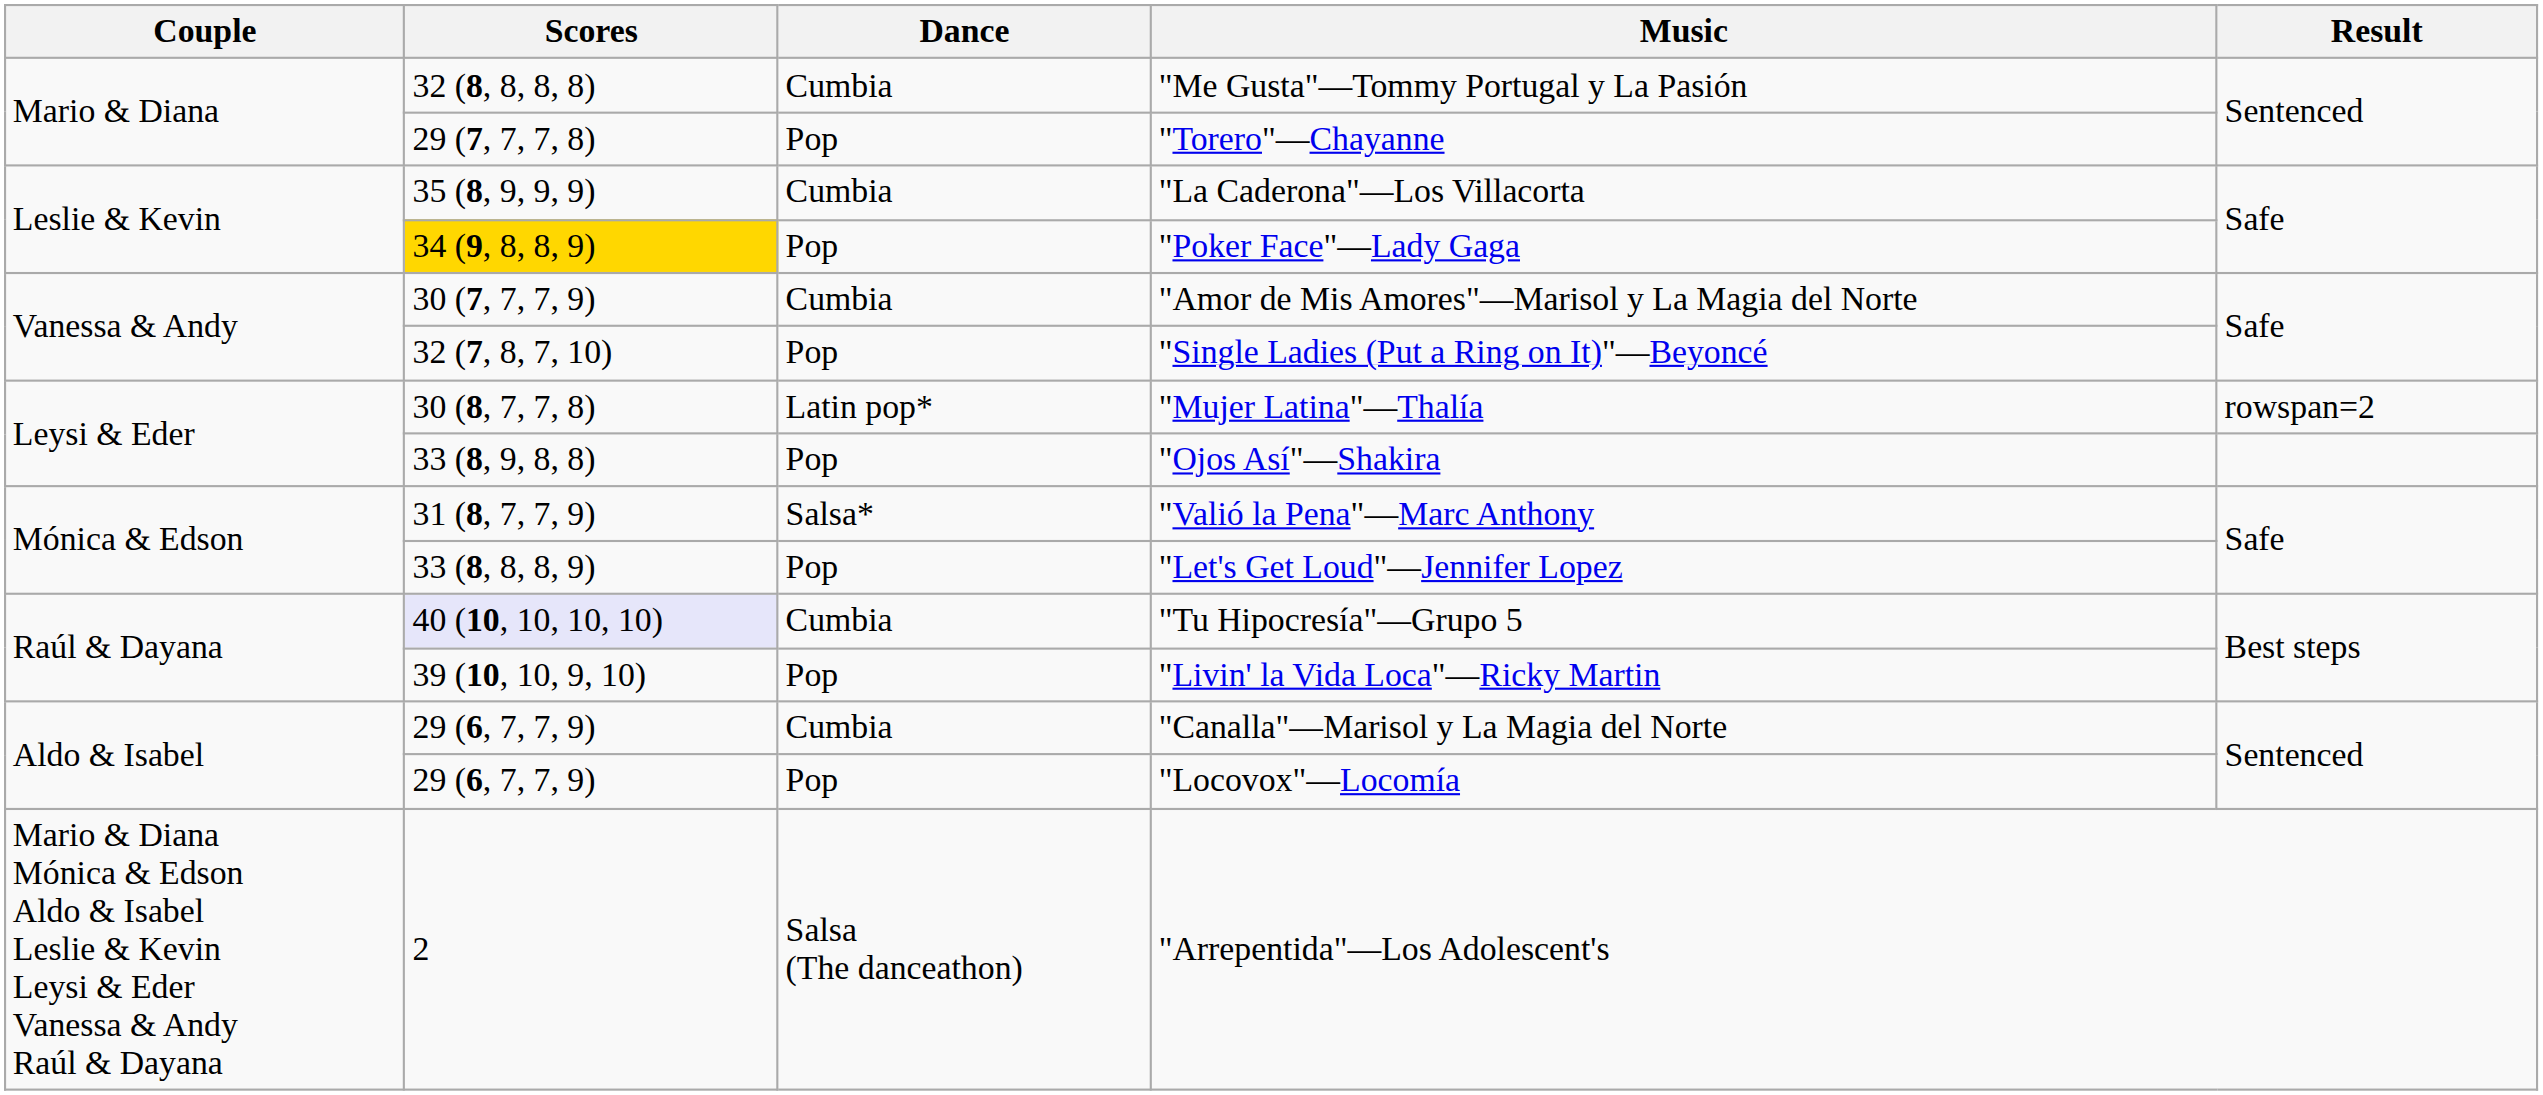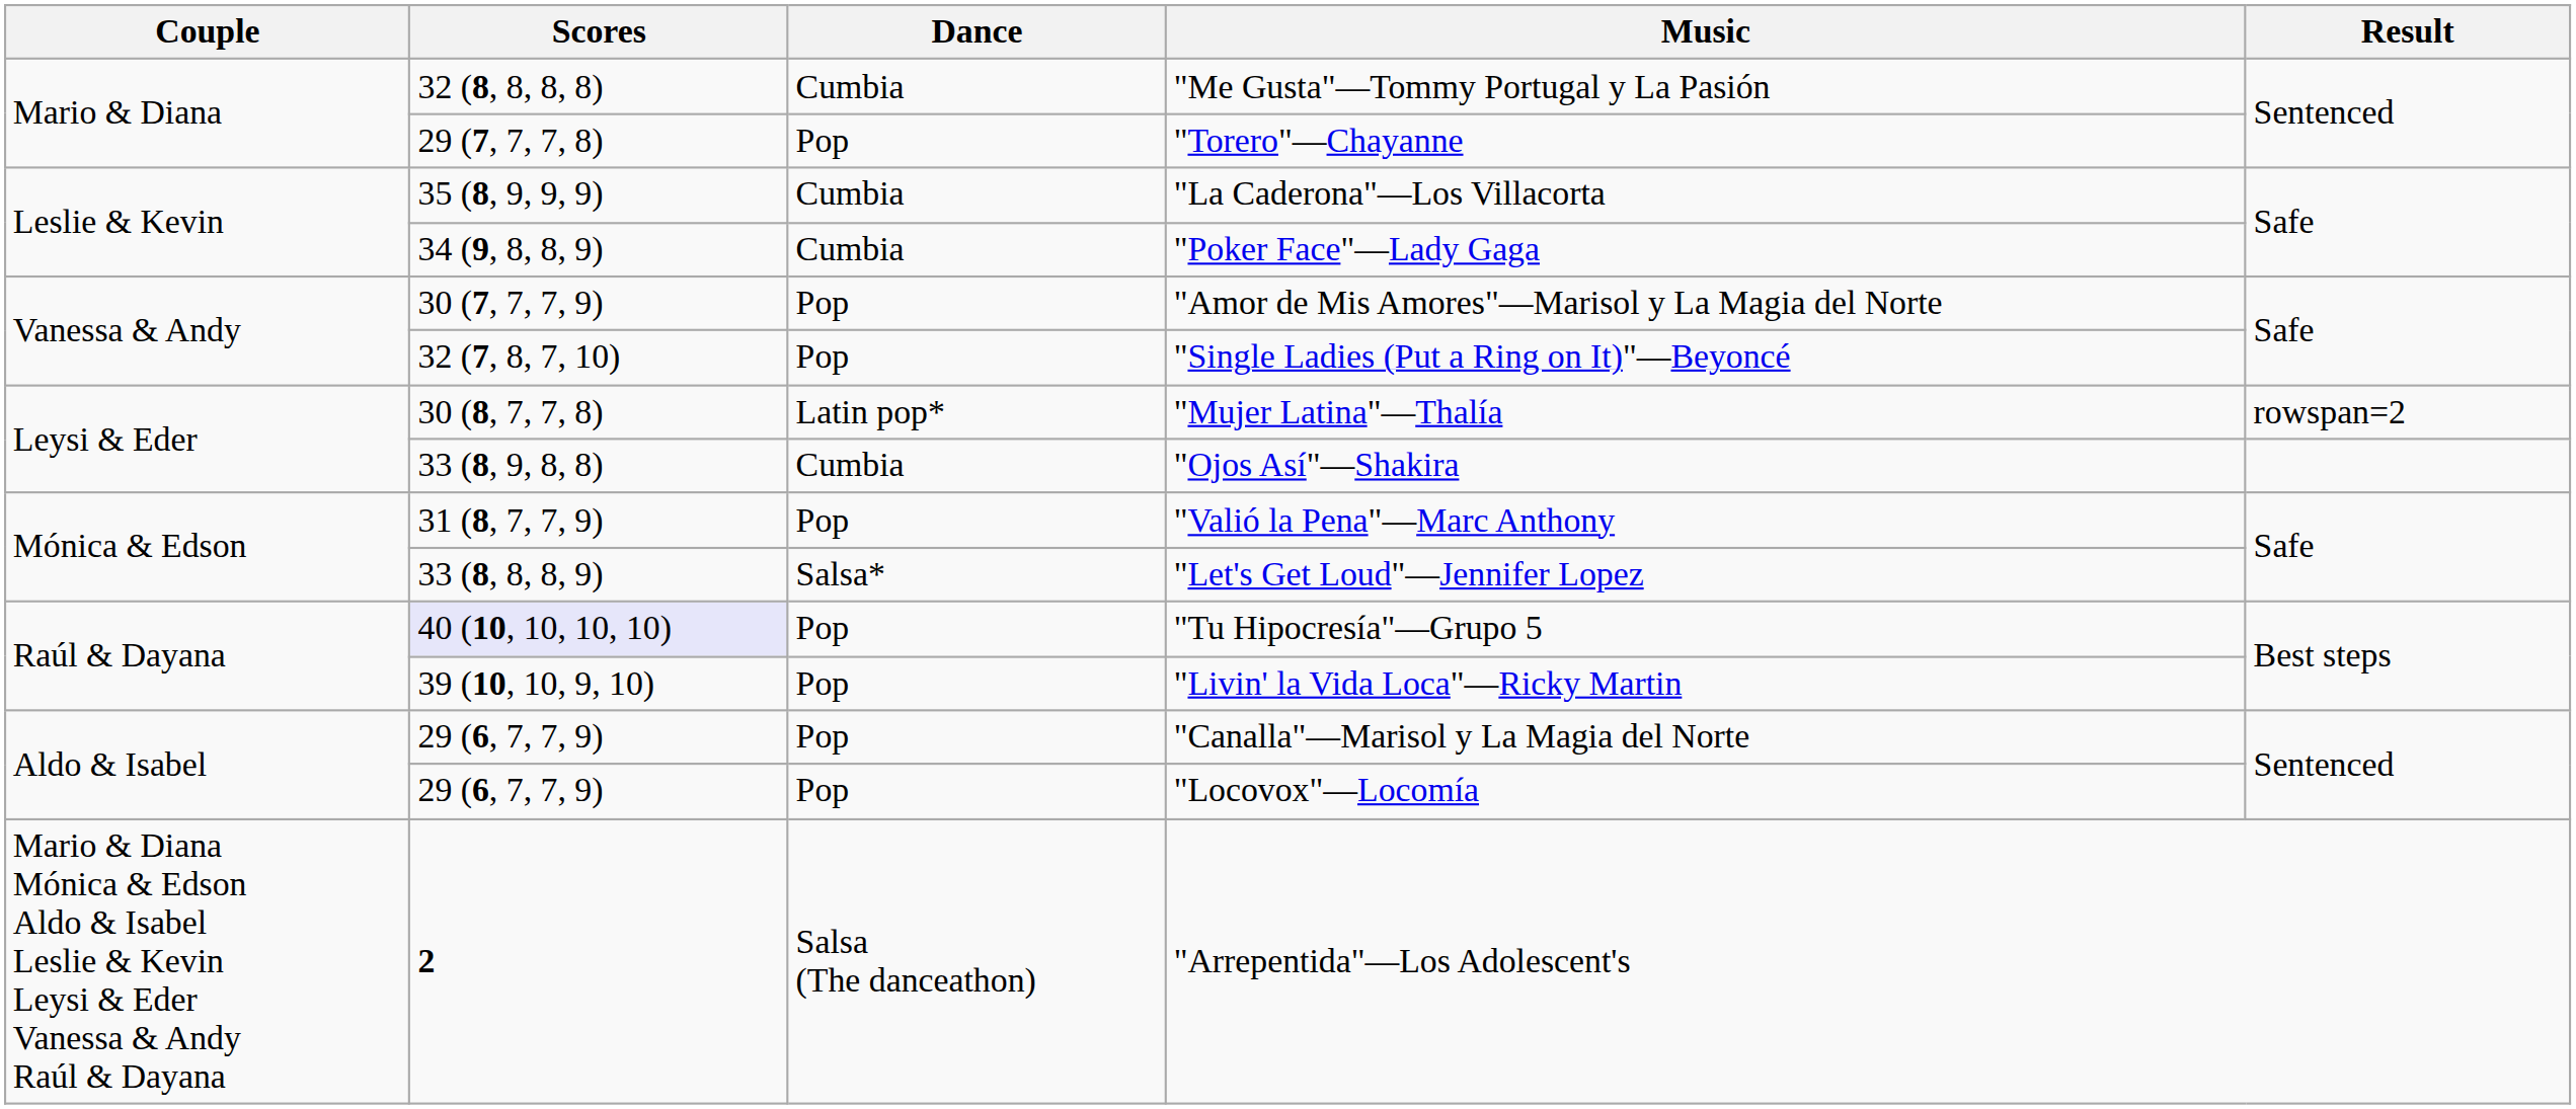 <table class="wikitable sortable" style="width:95%; white-space:nowrap;">
 <tr>
 <th style="width:15%;">Couple</th>
 <th style="width:14%;">Scores</th>
 <th style="width:14%;">Dance</th>
 <th style="width:40%;">Music</th>
 <th style="width:12%;">Result</th>
 </tr>
 <tr>
 <td rowspan=2>Mario & Diana</td>
 <td>32 (<strong>8</strong>, 8, 8, 8)</td>
 <td>Cumbia</td>
 <td>"Me Gusta"—Tommy Portugal y La Pasión</td>
 <td rowspan=2>Sentenced</td>
 </tr>
 <tr>
 <td>29 (<strong>7</strong>, 7, 7, 8)</td>
 <td>Pop</td>
 <td>"<a href='#'>Torero</a>"—<a href='#'>Chayanne</a></td>
 </tr>
 <tr>
 <td rowspan=2>Leslie & Kevin</td>
 <td>35 (<strong>8</strong>, 9, 9, 9)</td>
 <td>Cumbia</td>
 <td>"La Caderona"—Los Villacorta</td>
 <td rowspan=2>Safe</td>
 </tr>
 <tr>
-<td style="background: gold;">34 (<strong>9</strong>, 8, 8, 9)</td>
-<td>Pop</td>
+<td>34 (<strong>9</strong>, 8, 8, 9)</td>
+<td>Cumbia</td>
 <td>"<a href='#'>Poker Face</a>"—<a href='#'>Lady Gaga</a></td>
 </tr>
 <tr>
 <td rowspan=2>Vanessa & Andy</td>
 <td>30 (<strong>7</strong>, 7, 7, 9)</td>
-<td>Cumbia</td>
+<td>Pop</td>
 <td>"Amor de Mis Amores"—Marisol y La Magia del Norte</td>
 <td rowspan=2>Safe</td>
 </tr>
 <tr>
 <td>32 (<strong>7</strong>, 8, 7, 10)</td>
 <td>Pop</td>
 <td>"<a href='#'>Single Ladies (Put a Ring on It)</a>"—<a href='#'>Beyoncé</a></td>
 </tr>
 <tr>
 <td rowspan=2>Leysi & Eder</td>
 <td>30 (<strong>8</strong>, 7, 7, 8)</td>
 <td>Latin pop*</td>
 <td>"<a href='#'>Mujer Latina</a>"—<a href='#'>Thalía</a></td>
 <td>rowspan=2 </td>
 </tr>
 <tr>
 <td>33 (<strong>8</strong>, 9, 8, 8)</td>
-<td>Pop</td>
+<td>Cumbia</td>
 <td>"<a href='#'>Ojos Así</a>"—<a href='#'>Shakira</a></td>
 </tr>
 <tr>
 <td rowspan=2>Mónica & Edson</td>
 <td>31 (<strong>8</strong>, 7, 7, 9)</td>
-<td>Salsa*</td>
+<td>Pop</td>
 <td>"<a href='#'>Valió la Pena</a>"—<a href='#'>Marc Anthony</a></td>
 <td rowspan=2>Safe</td>
 </tr>
 <tr>
 <td>33 (<strong>8</strong>, 8, 8, 9)</td>
-<td>Pop</td>
+<td>Salsa*</td>
 <td>"<a href='#'>Let's Get Loud</a>"—<a href='#'>Jennifer Lopez</a></td>
 </tr>
 <tr>
 <td rowspan=2>Raúl & Dayana</td>
 <td style="background: lavender;">40 (<strong>10</strong>, 10, 10, 10)</td>
-<td>Cumbia</td>
+<td>Pop</td>
 <td>"Tu Hipocresía"—Grupo 5</td>
 <td rowspan=2>Best steps</td>
 </tr>
 <tr>
 <td>39 (<strong>10</strong>, 10, 9, 10)</td>
 <td>Pop</td>
 <td>"<a href='#'>Livin' la Vida Loca</a>"—<a href='#'>Ricky Martin</a></td>
 </tr>
 <tr>
 <td rowspan=2>Aldo & Isabel</td>
 <td>29 (<strong>6</strong>, 7, 7, 9)</td>
-<td>Cumbia</td>
+<td>Pop</td>
 <td>"Canalla"—Marisol y La Magia del Norte</td>
 <td rowspan=2>Sentenced</td>
 </tr>
 <tr>
 <td>29 (<strong>6</strong>, 7, 7, 9)</td>
 <td>Pop</td>
 <td>"Locovox"—<a href='#'>Locomía</a></td>
 </tr>
 <tr>
 <td>Mario & Diana<br>Mónica & Edson<br>Aldo & Isabel<br>Leslie & Kevin<br>Leysi & Eder<br>Vanessa & Andy<br>Raúl & Dayana</td>
-<td valign="top"><br><br><br>2</td>
+<td valign="top"><strong><br><br><br>2</strong></td>
 <td>Salsa<br>(The danceathon)</td>
 <td colspan=2>"Arrepentida"—Los Adolescent's</td>
 </tr>
 </table>
